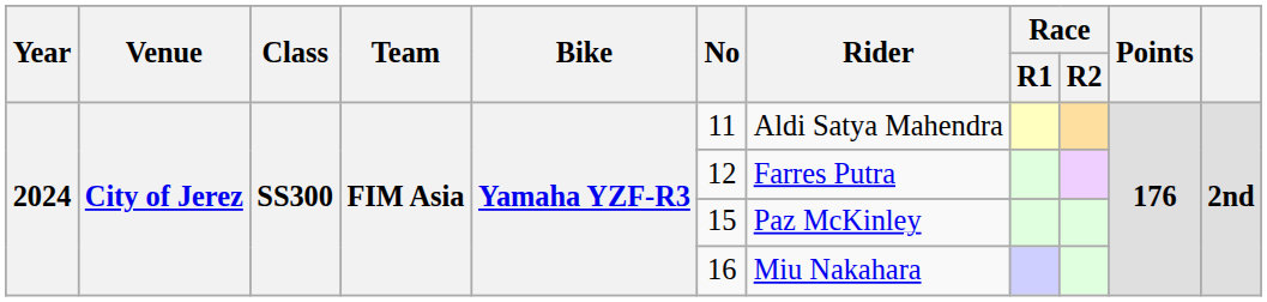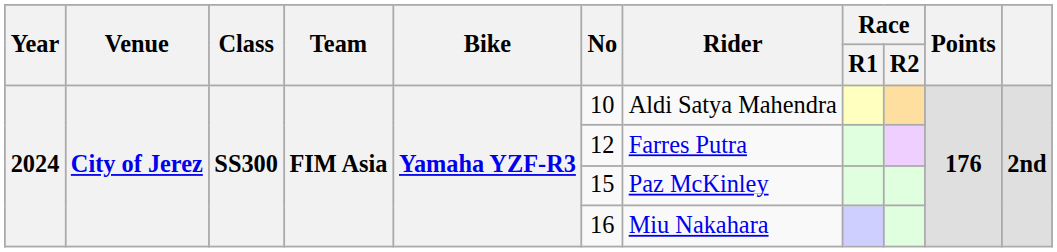 <table class="wikitable" style="text-align:center; font-size:85%;">
 <tr>
 <th rowspan="2">Year</th>
 <th rowspan="2">Venue</th>
 <th rowspan="2">Class</th>
 <th rowspan="2">Team</th>
 <th rowspan="2">Bike</th>
 <th rowspan="2">No</th>
 <th rowspan="2">Rider</th>
 <th colspan="2">Race</th>
 <th rowspan="2">Points</th>
 <th rowspan="2"></th>
 </tr>
 <tr>
 <th>R1</th>
 <th>R2</th>
 </tr>
 <tr>
 <th rowspan="4">2024</th>
 <th rowspan="4"><a href='#'>City of Jerez</a></th>
 <th rowspan="4">SS300</th>
 <th rowspan="4">FIM Asia</th>
 <th rowspan="4"><a href='#'>Yamaha YZF-R3</a></th>
-<td>11</td>
+<td>10</td>
 <td style="text-align:left;"> Aldi Satya Mahendra</td>
 <td style="background:#FFFFBF;"></td>
 <td style="background:#FFDF9F;"></td>
 <th style="background:#DFDFDF;" rowspan="4">176</th>
 <th style="background:#DFDFDF;" rowspan="4">2nd</th>
 </tr>
 <tr>
 <td>12</td>
 <td style="text-align:left;"> <a href='#'>Farres Putra</a></td>
 <td style="background:#DFFFDF;"></td>
 <td style="background:#EFCFFF;"></td>
 </tr>
 <tr>
 <td>15</td>
 <td style="text-align:left;"> <a href='#'>Paz McKinley</a></td>
 <td style="background:#DFFFDF;"></td>
 <td style="background:#DFFFDF;"></td>
 </tr>
 <tr>
 <td>16</td>
 <td style="text-align:left;"> <a href='#'>Miu Nakahara</a></td>
 <td style="background:#CFCFFF;"></td>
 <td style="background:#DFFFDF;"></td>
 </tr>
 </table>
